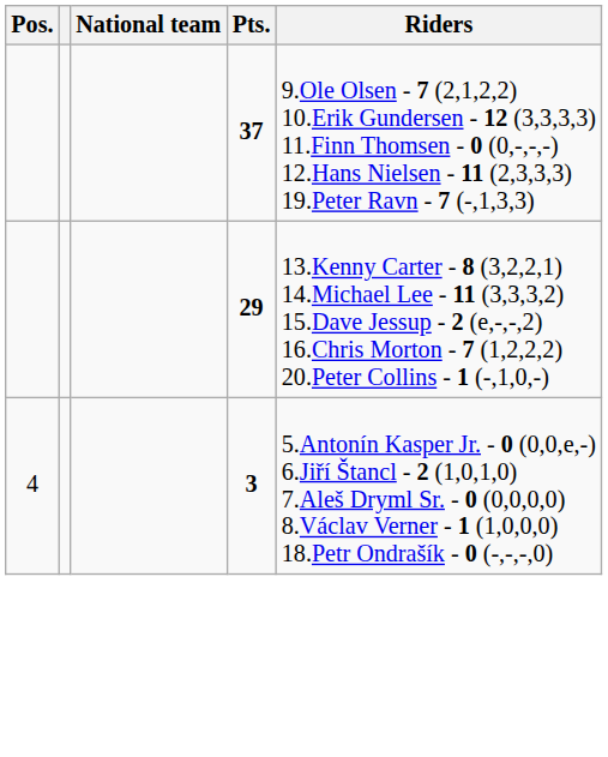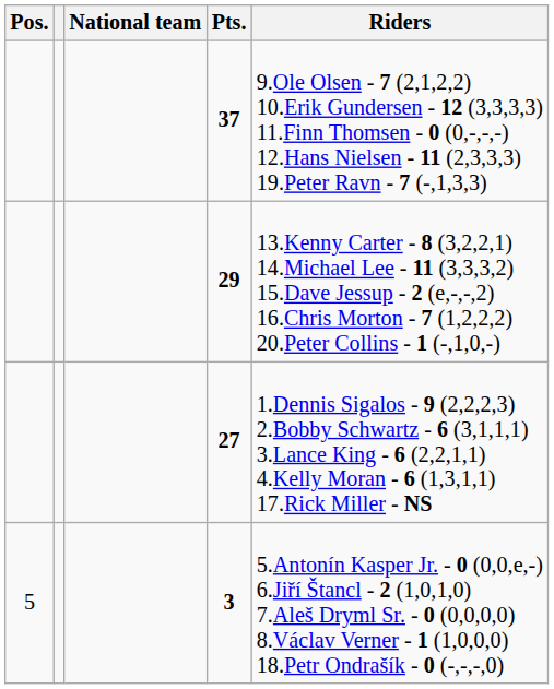 <table class=wikitable style="font-size:93%;">
 <tr>
 <th>Pos.</th>
 <th></th>
 <th>National team</th>
 <th>Pts.</th>
 <th>Riders</th>
 </tr>
 <tr align=center >
 <td></td>
 <td></td>
 <td align=left></td>
 <td><strong>37</strong></td>
 <td align=left><br>9.<a href='#'>Ole Olsen</a> - <strong>7</strong> (2,1,2,2) <br> 10.<a href='#'>Erik Gundersen</a> - <strong>12</strong> (3,3,3,3) <br> 11.<a href='#'>Finn Thomsen</a> - <strong>0</strong> (0,-,-,-) <br> 12.<a href='#'>Hans Nielsen</a> - <strong>11</strong> (2,3,3,3) <br> 19.<a href='#'>Peter Ravn</a> - <strong>7</strong> (-,1,3,3) <br></td>
 </tr>
 <tr align=center >
 <td></td>
 <td></td>
 <td align=left></td>
 <td><strong>29</strong></td>
 <td align=left><br>13.<a href='#'>Kenny Carter</a> - <strong>8</strong> (3,2,2,1) <br> 14.<a href='#'>Michael Lee</a> - <strong>11</strong> (3,3,3,2) <br> 15.<a href='#'>Dave Jessup</a> - <strong>2</strong> (e,-,-,2) <br> 16.<a href='#'>Chris Morton</a> - <strong>7</strong> (1,2,2,2) <br> 20.<a href='#'>Peter Collins</a> - <strong>1</strong> (-,1,0,-) <br></td>
 </tr>
+<tr align=center >
+<td></td>
+<td></td>
+<td align=left></td>
+<td><strong>27</strong></td>
+<td align=left><br>1.<a href='#'>Dennis Sigalos</a> - <strong>9</strong> (2,2,2,3) <br> 2.<a href='#'>Bobby Schwartz</a> - <strong>6</strong> (3,1,1,1) <br> 3.<a href='#'>Lance King</a> - <strong>6</strong> (2,2,1,1) <br> 4.<a href='#'>Kelly Moran</a> - <strong>6</strong> (1,3,1,1) <br> 17.<a href='#'>Rick Miller</a> - <strong>NS</strong> <br></td>
+</tr>
 <tr align=center>
-<td>4</td>
+<td>5</td>
 <td></td>
 <td align=left></td>
 <td><strong>3</strong></td>
 <td align=left><br>5.<a href='#'>Antonín Kasper Jr.</a> - <strong>0</strong> (0,0,e,-) <br> 6.<a href='#'>Jiří Štancl</a> - <strong>2</strong> (1,0,1,0) <br> 7.<a href='#'>Aleš Dryml Sr.</a> - <strong>0</strong> (0,0,0,0) <br> 8.<a href='#'>Václav Verner</a> - <strong>1</strong> (1,0,0,0) <br> 18.<a href='#'>Petr Ondrašík</a> - <strong>0</strong> (-,-,-,0) <br></td>
 </tr>
 </table>
